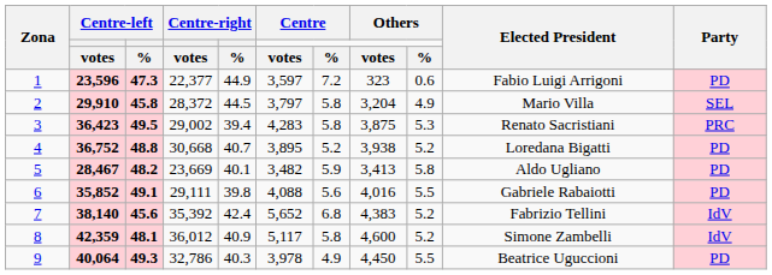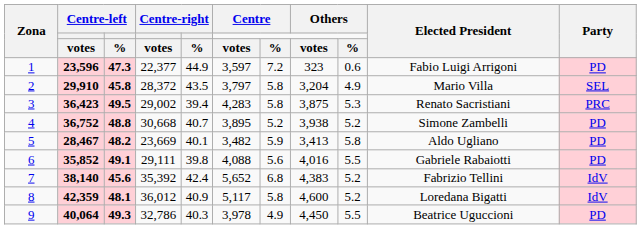 <table class="wikitable" style="text-align:center; font-size:85%; line-height:13px">
 <tr style="height:30px; background-color:#E9E9E9">
 <th style="width:50px;" rowspan="3">Zona</th>
 <th style="width:75px;" colspan="2"><a href='#'>Centre-left</a></th>
 <th style="width:75px;" colspan="2"><a href='#'>Centre-right</a></th>
 <th style="width:75px;" colspan="2"><a href='#'>Centre</a></th>
 <th style="width:75px;" colspan="2">Others</th>
 <th style="width:195px;" rowspan="3">Elected President</th>
 <th style="width:75px;" rowspan="3">Party</th>
 </tr>
 <tr>
 <th style="background:"></th>
 <th style="background:"></th>
 <th style="background:"></th>
 <th style="background:"></th>
 </tr>
 <tr>
 <th>votes</th>
 <th>%</th>
 <th>votes</th>
 <th>%</th>
 <th>votes</th>
 <th>%</th>
 <th>votes</th>
 <th>%</th>
 </tr>
 <tr>
 <td><a href='#'>1</a></td>
 <td style="background:#FFD0D7"><strong>23,596</strong></td>
 <td style="background:#FFD0D7"><strong>47.3</strong></td>
 <td>22,377</td>
 <td>44.9</td>
 <td>3,597</td>
 <td>7.2</td>
 <td>323</td>
 <td>0.6</td>
 <td>Fabio Luigi Arrigoni</td>
 <td style="background:#FFD0D7"><a href='#'>PD</a></td>
 </tr>
 <tr>
 <td><a href='#'>2</a></td>
 <td style="background:#FFD0D7"><strong>29,910</strong></td>
 <td style="background:#FFD0D7"><strong>45.8</strong></td>
 <td>28,372</td>
-<td>44.5</td>
+<td>43.5</td>
 <td>3,797</td>
 <td>5.8</td>
 <td>3,204</td>
 <td>4.9</td>
 <td>Mario Villa</td>
 <td style="background:#FFD0D7"><a href='#'>SEL</a></td>
 </tr>
 <tr>
 <td><a href='#'>3</a></td>
 <td style="background:#FFD0D7"><strong>36,423</strong></td>
 <td style="background:#FFD0D7"><strong>49.5</strong></td>
 <td>29,002</td>
 <td>39.4</td>
 <td>4,283</td>
 <td>5.8</td>
 <td>3,875</td>
 <td>5.3</td>
 <td>Renato Sacristiani</td>
 <td style="background:#FFD0D7"><a href='#'>PRC</a></td>
 </tr>
 <tr>
 <td><a href='#'>4</a></td>
 <td style="background:#FFD0D7"><strong>36,752</strong></td>
 <td style="background:#FFD0D7"><strong>48.8</strong></td>
 <td>30,668</td>
 <td>40.7</td>
 <td>3,895</td>
 <td>5.2</td>
 <td>3,938</td>
 <td>5.2</td>
-<td>Loredana Bigatti</td>
+<td>Simone Zambelli</td>
 <td style="background:#FFD0D7"><a href='#'>PD</a></td>
 </tr>
 <tr>
 <td><a href='#'>5</a></td>
 <td style="background:#FFD0D7"><strong>28,467</strong></td>
 <td style="background:#FFD0D7"><strong>48.2</strong></td>
 <td>23,669</td>
 <td>40.1</td>
 <td>3,482</td>
 <td>5.9</td>
 <td>3,413</td>
 <td>5.8</td>
 <td>Aldo Ugliano</td>
 <td style="background:#FFD0D7"><a href='#'>PD</a></td>
 </tr>
 <tr>
 <td><a href='#'>6</a></td>
 <td style="background:#FFD0D7"><strong>35,852</strong></td>
 <td style="background:#FFD0D7"><strong>49.1</strong></td>
 <td>29,111</td>
 <td>39.8</td>
 <td>4,088</td>
 <td>5.6</td>
 <td>4,016</td>
 <td>5.5</td>
 <td>Gabriele Rabaiotti</td>
 <td style="background:#FFD0D7"><a href='#'>PD</a></td>
 </tr>
 <tr>
 <td><a href='#'>7</a></td>
 <td style="background:#FFD0D7"><strong>38,140</strong></td>
 <td style="background:#FFD0D7"><strong>45.6</strong></td>
 <td>35,392</td>
 <td>42.4</td>
 <td>5,652</td>
 <td>6.8</td>
 <td>4,383</td>
 <td>5.2</td>
 <td>Fabrizio Tellini</td>
 <td style="background:#FFD0D7"><a href='#'>IdV</a></td>
 </tr>
 <tr>
 <td><a href='#'>8</a></td>
 <td style="background:#FFD0D7"><strong>42,359</strong></td>
 <td style="background:#FFD0D7"><strong>48.1</strong></td>
 <td>36,012</td>
 <td>40.9</td>
 <td>5,117</td>
 <td>5.8</td>
 <td>4,600</td>
 <td>5.2</td>
-<td>Simone Zambelli</td>
+<td>Loredana Bigatti</td>
 <td style="background:#FFD0D7"><a href='#'>IdV</a></td>
 </tr>
 <tr>
 <td><a href='#'>9</a></td>
 <td style="background:#FFD0D7"><strong>40,064</strong></td>
 <td style="background:#FFD0D7"><strong>49.3</strong></td>
 <td>32,786</td>
 <td>40.3</td>
 <td>3,978</td>
 <td>4.9</td>
 <td>4,450</td>
 <td>5.5</td>
 <td>Beatrice Uguccioni</td>
 <td style="background:#FFD0D7"><a href='#'>PD</a></td>
 </tr>
 </table>
